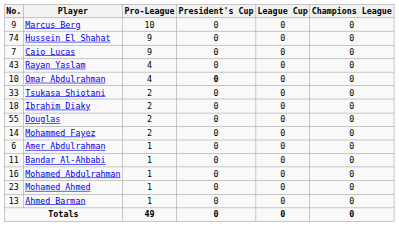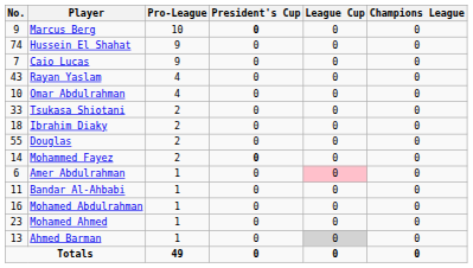 <table class=wikitable>
 <tr>
 <th>No.</th>
 <th>Player</th>
 <th>Pro-League</th>
 <th>President's Cup</th>
 <th>League Cup</th>
 <th>Champions League</th>
 </tr>
 <tr>
 <td align="center">9</td>
 <td align=left> <a href='#'>Marcus Berg</a></td>
 <td align="center">10</td>
-<td align="center">0</td>
+<td align="center"><strong>0</strong></td>
 <td align="center">0</td>
 <td align="center">0</td>
 </tr>
 <tr>
 <td align="center">74</td>
 <td align=left> <a href='#'>Hussein El Shahat</a></td>
 <td align="center">9</td>
 <td align="center">0</td>
 <td align="center">0</td>
 <td align="center">0</td>
 </tr>
 <tr>
 <td align="center">7</td>
 <td align=left> <a href='#'>Caio Lucas</a></td>
 <td align="center">9</td>
 <td align="center">0</td>
 <td align="center">0</td>
 <td align="center">0</td>
 </tr>
 <tr>
 <td align="center">43</td>
 <td align=left> <a href='#'>Rayan Yaslam</a></td>
 <td align="center">4</td>
 <td align="center">0</td>
 <td align="center">0</td>
 <td align="center">0</td>
 </tr>
 <tr>
 <td align="center">10</td>
 <td align=left> <a href='#'>Omar Abdulrahman</a></td>
 <td align="center">4</td>
-<td align="center"><strong>0</strong></td>
+<td align="center">0</td>
 <td align="center">0</td>
 <td align="center">0</td>
 </tr>
 <tr>
 <td align="center">33</td>
 <td align=left> <a href='#'>Tsukasa Shiotani</a></td>
 <td align="center">2</td>
 <td align="center">0</td>
 <td align="center">0</td>
 <td align="center">0</td>
 </tr>
 <tr>
 <td align="center">18</td>
 <td align=left> <a href='#'>Ibrahim Diaky</a></td>
 <td align="center">2</td>
 <td align="center">0</td>
 <td align="center">0</td>
 <td align="center">0</td>
 </tr>
 <tr>
 <td align="center">55</td>
 <td align=left> <a href='#'>Douglas</a></td>
 <td align="center">2</td>
 <td align="center">0</td>
 <td align="center">0</td>
 <td align="center">0</td>
 </tr>
 <tr>
 <td align="center">14</td>
 <td align=left> <a href='#'>Mohammed Fayez</a></td>
 <td align="center">2</td>
-<td align="center">0</td>
+<td align="center"><strong>0</strong></td>
 <td align="center">0</td>
 <td align="center">0</td>
 </tr>
 <tr>
 <td align="center">6</td>
 <td align=left> <a href='#'>Amer Abdulrahman</a></td>
 <td align="center">1</td>
 <td align="center">0</td>
-<td align="center">0</td>
+<td align="center" style="background: pink;">0</td>
 <td align="center">0</td>
 </tr>
 <tr>
 <td align="center">11</td>
 <td align=left> <a href='#'>Bandar Al-Ahbabi</a></td>
 <td align="center">1</td>
 <td align="center">0</td>
 <td align="center">0</td>
 <td align="center">0</td>
 </tr>
 <tr>
 <td align="center">16</td>
 <td align=left> <a href='#'>Mohamed Abdulrahman</a></td>
 <td align="center">1</td>
 <td align="center">0</td>
 <td align="center">0</td>
 <td align="center">0</td>
 </tr>
 <tr>
 <td align="center">23</td>
 <td align=left> <a href='#'>Mohamed Ahmed</a></td>
 <td align="center">1</td>
 <td align="center">0</td>
 <td align="center">0</td>
 <td align="center">0</td>
 </tr>
 <tr>
 <td align="center">13</td>
 <td align=left> <a href='#'>Ahmed Barman</a></td>
 <td align="center">1</td>
 <td align="center">0</td>
-<td align="center">0</td>
+<td align="center" style="background: lightgrey;">0</td>
 <td align="center">0</td>
 </tr>
 <tr class="sortbottom">
 <td colspan="2" align="center"><strong>Totals</strong></td>
 <td align="center"><strong>49</strong></td>
 <td align="center"><strong>0</strong></td>
 <td align="center"><strong>0</strong></td>
 <td align="center"><strong>0</strong></td>
 </tr>
 </table>
